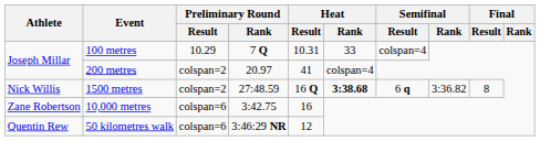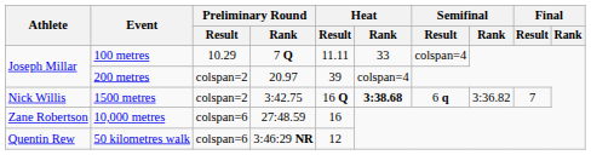 <table class=wikitable style=font-size:90%>
 <tr>
 <th rowspan=2>Athlete</th>
 <th rowspan=2>Event</th>
 <th colspan=2>Preliminary Round</th>
 <th colspan=2>Heat</th>
 <th colspan=2>Semifinal</th>
 <th colspan=2>Final</th>
 </tr>
 <tr style=font-size:95%>
 <th>Result</th>
 <th>Rank</th>
 <th>Result</th>
 <th>Rank</th>
 <th>Result</th>
 <th>Rank</th>
 <th>Result</th>
 <th>Rank</th>
 </tr>
 <tr align=center>
 <td align=left rowspan=2><a href='#'>Joseph Millar</a></td>
 <td align=left><a href='#'>100 metres</a></td>
 <td>10.29</td>
 <td>7 <strong>Q</strong></td>
-<td>10.31</td>
+<td>11.11</td>
 <td>33</td>
 <td>colspan=4 </td>
 </tr>
 <tr align=center>
 <td align=left><a href='#'>200 metres</a></td>
 <td>colspan=2 </td>
 <td>20.97</td>
-<td>41</td>
+<td>39</td>
 <td>colspan=4 </td>
 </tr>
 <tr align=center>
 <td align=left><a href='#'>Nick Willis</a></td>
 <td align=left><a href='#'>1500 metres</a></td>
 <td>colspan=2 </td>
-<td>27:48.59 </td>
+<td>3:42.75</td>
 <td>16 <strong>Q</strong></td>
 <td><strong>3:38.68</strong></td>
 <td>6 <strong>q</strong></td>
 <td>3:36.82</td>
-<td>8</td>
+<td>7</td>
 </tr>
 <tr align=center>
 <td align=left><a href='#'>Zane Robertson</a></td>
 <td align=left><a href='#'>10,000 metres</a></td>
 <td>colspan=6 </td>
-<td>3:42.75</td>
+<td>27:48.59 </td>
 <td>16</td>
 </tr>
 <tr align=center>
 <td align=left><a href='#'>Quentin Rew</a></td>
 <td align=left><a href='#'>50 kilometres walk</a></td>
 <td>colspan=6 </td>
 <td>3:46:29 <strong>NR</strong></td>
 <td>12</td>
 </tr>
 </table>
